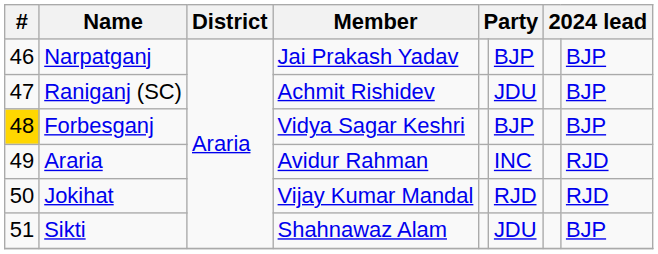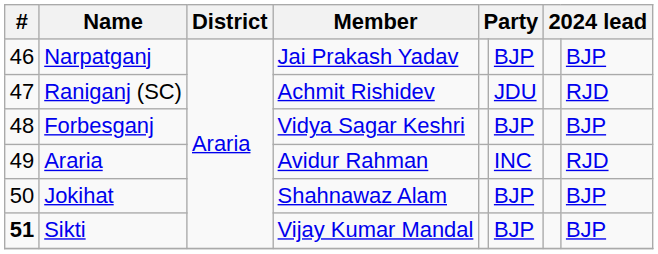 <table class="wikitable">
 <tr>
 <th>#</th>
 <th>Name</th>
 <th>District</th>
 <th>Member</th>
 <th colspan="2">Party</th>
 <th colspan="2">2024 lead</th>
 </tr>
 <tr>
 <td>46</td>
 <td><a href='#'>Narpatganj</a></td>
 <td rowspan="6"><a href='#'>Araria</a></td>
 <td><a href='#'>Jai Prakash Yadav</a></td>
 <td style="background-color: "></td>
 <td><a href='#'>BJP</a></td>
 <td style="background-color: "></td>
 <td><a href='#'>BJP</a></td>
 </tr>
 <tr>
 <td>47</td>
 <td><a href='#'>Raniganj</a> (SC)</td>
 <td><a href='#'>Achmit Rishidev</a></td>
 <td style="background-color: "></td>
 <td><a href='#'>JDU</a></td>
 <td style="background-color: "></td>
-<td><a href='#'>BJP</a></td>
+<td><a href='#'>RJD</a></td>
 </tr>
 <tr>
-<td style="background: gold;">48</td>
+<td>48</td>
 <td><a href='#'>Forbesganj</a></td>
 <td><a href='#'>Vidya Sagar Keshri</a></td>
 <td style="background-color: "></td>
 <td><a href='#'>BJP</a></td>
 <td style="background-color: "></td>
 <td><a href='#'>BJP</a></td>
 </tr>
 <tr>
 <td>49</td>
 <td><a href='#'>Araria</a></td>
 <td><a href='#'>Avidur Rahman</a></td>
 <td style="background-color: "></td>
 <td><a href='#'>INC</a></td>
 <td style="background-color: "></td>
 <td><a href='#'>RJD</a></td>
 </tr>
 <tr>
 <td>50</td>
 <td><a href='#'>Jokihat</a></td>
+<td><a href='#'>Shahnawaz Alam</a></td>
+<td style="background-color: "></td>
+<td><a href='#'>BJP</a></td>
+<td style="background-color: "></td>
+<td><a href='#'>BJP</a></td>
+</tr>
+<tr>
+<td><strong>51</strong></td>
+<td><a href='#'>Sikti</a></td>
 <td><a href='#'>Vijay Kumar Mandal</a></td>
 <td style="background-color: "></td>
-<td><a href='#'>RJD</a></td>
-<td style="background-color: "></td>
-<td><a href='#'>RJD</a></td>
-</tr>
-<tr>
-<td>51</td>
-<td><a href='#'>Sikti</a></td>
-<td><a href='#'>Shahnawaz Alam</a></td>
-<td style="background-color: "></td>
-<td><a href='#'>JDU</a></td>
+<td><a href='#'>BJP</a></td>
 <td style="background-color: "></td>
 <td><a href='#'>BJP</a></td>
 </tr>
 <tr>
 </tr>
 </table>
